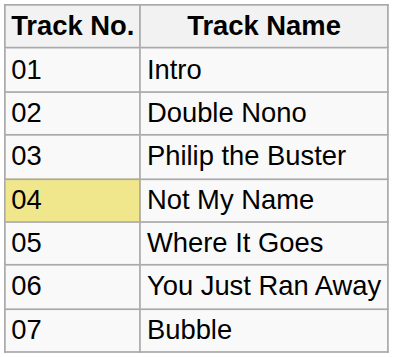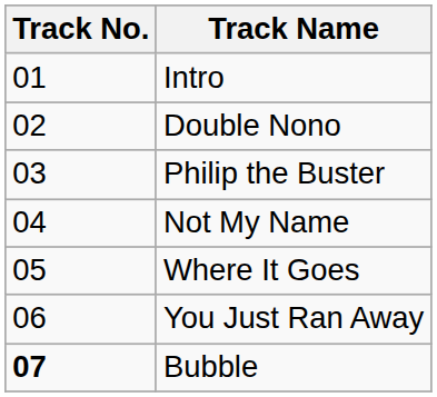 <table class="wikitable">
 <tr>
 <th>Track No.</th>
 <th>Track Name</th>
 </tr>
 <tr>
 <td>01</td>
 <td>Intro</td>
 </tr>
 <tr>
 <td>02</td>
 <td>Double Nono</td>
 </tr>
 <tr>
 <td>03</td>
 <td>Philip the Buster</td>
 </tr>
 <tr>
-<td style="background: khaki;">04</td>
+<td>04</td>
 <td>Not My Name</td>
 </tr>
 <tr>
 <td>05</td>
 <td>Where It Goes</td>
 </tr>
 <tr>
 <td>06</td>
 <td>You Just Ran Away</td>
 </tr>
 <tr>
-<td>07</td>
+<td><strong>07</strong></td>
 <td>Bubble</td>
 </tr>
 </table>
